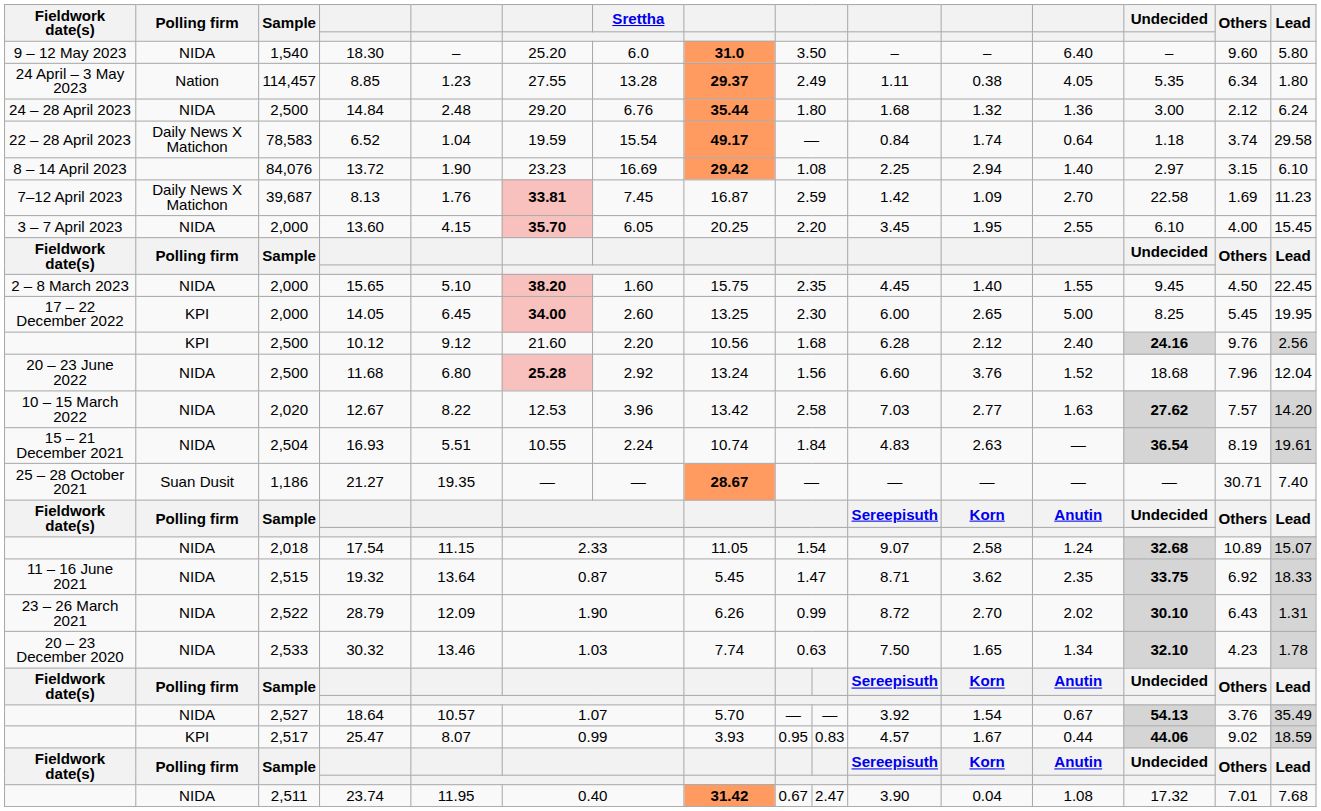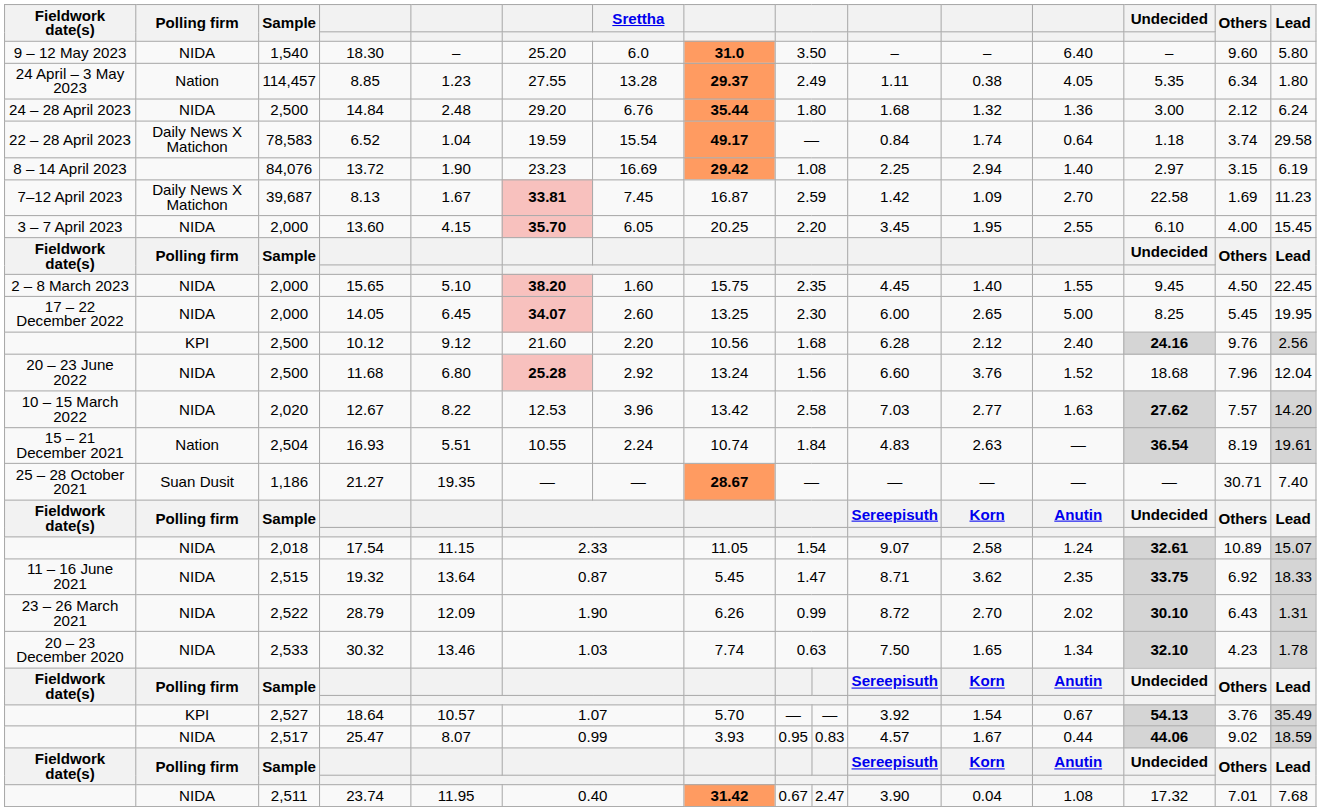 <table class="wikitable" style="text-align:center;font-size:90%;line-height:14px">
 <tr>
 <th rowspan="2">Fieldwork date(s)</th>
 <th rowspan="2">Polling firm</th>
 <th rowspan="2">Sample</th>
 <th></th>
 <th></th>
 <th></th>
 <th><a href='#'>Srettha</a></th>
 <th></th>
 <th colspan="2"></th>
 <th></th>
 <th></th>
 <th></th>
 <th>Undecided</th>
 <th rowspan="2">Others</th>
 <th rowspan="2">Lead</th>
 </tr>
 <tr>
 <th class="unsortable" style="color:inherit;background:"></th>
 <th class="unsortable" style="color:inherit;background:"></th>
 <th colspan="2" class="unsortable" style="color:inherit;background:"></th>
 <th class="unsortable" style="color:inherit;background:"></th>
 <th colspan="2" class="unsortable" style="color:inherit;background:"></th>
 <th class="unsortable" style="color:inherit;background:"></th>
 <th class="unsortable" style="color:inherit;background:"></th>
 <th class="unsortable" style="color:inherit;background:"></th>
 <th class="unsortable" style="color:inherit;background:"></th>
 </tr>
 <tr>
 <td>9 – 12 May 2023</td>
 <td>NIDA</td>
 <td>1,540</td>
 <td>18.30</td>
 <td>–</td>
 <td>25.20</td>
 <td>6.0</td>
 <td style="background:#ff9b61"><strong>31.0</strong></td>
 <td colspan="2">3.50</td>
 <td>–</td>
 <td>–</td>
 <td>6.40</td>
 <td>–</td>
 <td>9.60</td>
 <td style="background:">5.80</td>
 </tr>
 <tr>
 <td>24 April – 3 May 2023</td>
 <td>Nation</td>
 <td>114,457</td>
 <td>8.85</td>
 <td>1.23</td>
 <td>27.55</td>
 <td>13.28</td>
 <td style="background:#ff9b61"><strong>29.37</strong></td>
 <td colspan="2">2.49</td>
 <td>1.11</td>
 <td>0.38</td>
 <td>4.05</td>
 <td>5.35</td>
 <td>6.34</td>
 <td style="background:">1.80</td>
 </tr>
 <tr>
 <td>24 – 28 April 2023</td>
 <td>NIDA</td>
 <td>2,500</td>
 <td>14.84</td>
 <td>2.48</td>
 <td>29.20</td>
 <td>6.76</td>
 <td style="background:#ff9b61"><strong>35.44</strong></td>
 <td colspan="2">1.80</td>
 <td>1.68</td>
 <td>1.32</td>
 <td>1.36</td>
 <td>3.00</td>
 <td>2.12</td>
 <td style="background:">6.24</td>
 </tr>
 <tr>
 <td>22 – 28 April 2023</td>
 <td>Daily News X Matichon</td>
 <td>78,583</td>
 <td>6.52</td>
 <td>1.04</td>
 <td>19.59</td>
 <td>15.54</td>
 <td style="background:#ff9b61"><strong>49.17</strong></td>
 <td colspan=2>—</td>
 <td>0.84</td>
 <td>1.74</td>
 <td>0.64</td>
 <td>1.18</td>
 <td>3.74</td>
 <td style="background:">29.58</td>
 </tr>
 <tr>
 <td>8 – 14 April 2023</td>
 <td></td>
 <td>84,076</td>
 <td>13.72</td>
 <td>1.90</td>
 <td>23.23</td>
 <td>16.69</td>
 <td style="background:#ff9b61"><strong>29.42</strong></td>
 <td colspan="2">1.08</td>
 <td>2.25</td>
 <td>2.94</td>
 <td>1.40</td>
 <td>2.97</td>
 <td>3.15</td>
-<td style="background:">6.10</td>
+<td style="background:">6.19</td>
 </tr>
 <tr>
 <td>7–12 April 2023</td>
 <td>Daily News X Matichon</td>
 <td>39,687</td>
 <td>8.13</td>
-<td>1.76</td>
+<td>1.67</td>
 <td style="background:#F8C1BE"><strong>33.81</strong></td>
 <td>7.45</td>
 <td>16.87</td>
 <td colspan="2">2.59</td>
 <td>1.42</td>
 <td>1.09</td>
 <td>2.70</td>
 <td>22.58</td>
 <td>1.69</td>
 <td style="background:">11.23</td>
 </tr>
 <tr>
 <td>3 – 7 April 2023</td>
 <td>NIDA</td>
 <td>2,000</td>
 <td>13.60</td>
 <td>4.15</td>
 <td style="background:#F8C1BE"><strong>35.70</strong></td>
 <td>6.05</td>
 <td>20.25</td>
 <td colspan="2">2.20</td>
 <td>3.45</td>
 <td>1.95</td>
 <td>2.55</td>
 <td>6.10</td>
 <td>4.00</td>
 <td style="background:">15.45</td>
 </tr>
 <tr>
 <th rowspan="2">Fieldwork date(s)</th>
 <th rowspan="2">Polling firm</th>
 <th rowspan="2">Sample</th>
 <th style="width:80px"></th>
 <th style="width:80px"></th>
 <th style="width:80px"></th>
 <th style="width:80px"></th>
 <th style="width:80px"></th>
 <th colspan="2"></th>
 <th style="width:80px"></th>
 <th style="width:80px"></th>
 <th style="width:80px"></th>
 <th style="width:80px">Undecided</th>
 <th rowspan="2">Others</th>
 <th rowspan="2">Lead</th>
 </tr>
 <tr>
 <th class="unsortable" style="color:inherit;background:"></th>
 <th class="unsortable" style="color:inherit;background:"></th>
 <th colspan="2" class="unsortable" style="color:inherit;background:"></th>
 <th class="unsortable" style="color:inherit;background:"></th>
 <th colspan="2" class="unsortable" style="color:inherit;background:"></th>
 <th class="unsortable" style="color:inherit;background:"></th>
 <th class="unsortable" style="color:inherit;background:"></th>
 <th class="unsortable" style="color:inherit;background:"></th>
 <th class="unsortable" style="color:inherit;background:"></th>
 </tr>
 <tr>
 <td>2 – 8 March 2023</td>
 <td>NIDA</td>
 <td>2,000</td>
 <td>15.65</td>
 <td>5.10</td>
 <td style="background:#F8C1BE"><strong>38.20</strong></td>
 <td>1.60</td>
 <td>15.75</td>
 <td colspan="2">2.35</td>
 <td>4.45</td>
 <td>1.40</td>
 <td>1.55</td>
 <td>9.45</td>
 <td>4.50</td>
 <td style="background:">22.45</td>
 </tr>
 <tr>
 <td>17 – 22 December 2022</td>
-<td>KPI</td>
+<td>NIDA</td>
 <td>2,000</td>
 <td>14.05</td>
 <td>6.45</td>
-<td style="background:#F8C1BE"><strong>34.00</strong></td>
+<td style="background:#F8C1BE"><strong>34.07</strong></td>
 <td>2.60</td>
 <td>13.25</td>
 <td colspan="2">2.30</td>
 <td>6.00</td>
 <td>2.65</td>
 <td>5.00</td>
 <td>8.25</td>
 <td>5.45</td>
 <td style="background:">19.95</td>
 </tr>
 <tr>
 <td></td>
 <td>KPI</td>
 <td>2,500</td>
 <td>10.12</td>
 <td>9.12</td>
 <td>21.60</td>
 <td>2.20</td>
 <td>10.56</td>
 <td colspan="2">1.68</td>
 <td>6.28</td>
 <td>2.12</td>
 <td>2.40</td>
 <td style="background:#D5D5D5; color:black;"><strong>24.16</strong></td>
 <td>9.76</td>
 <td style="background:#D5D5D5; color:black;">2.56</td>
 </tr>
 <tr>
 <td>20 – 23 June 2022</td>
 <td>NIDA</td>
 <td>2,500</td>
 <td>11.68</td>
 <td>6.80</td>
 <td style="background:#F8C1BE"><strong>25.28</strong></td>
 <td>2.92</td>
 <td>13.24</td>
 <td colspan="2">1.56</td>
 <td>6.60</td>
 <td>3.76</td>
 <td>1.52</td>
 <td>18.68</td>
 <td>7.96</td>
 <td style="background:">12.04</td>
 </tr>
 <tr>
 <td>10 – 15 March 2022</td>
 <td>NIDA</td>
 <td>2,020</td>
 <td>12.67</td>
 <td>8.22</td>
 <td>12.53</td>
 <td>3.96</td>
 <td>13.42</td>
 <td colspan="2">2.58</td>
 <td>7.03</td>
 <td>2.77</td>
 <td>1.63</td>
 <td style="background:#D5D5D5; color:black;"><strong>27.62</strong></td>
 <td>7.57</td>
 <td style="background:#D5D5D5; color:black;">14.20</td>
 </tr>
 <tr>
 <td>15 – 21 December 2021</td>
-<td>NIDA</td>
+<td>Nation</td>
 <td>2,504</td>
 <td>16.93</td>
 <td>5.51</td>
 <td>10.55</td>
 <td>2.24</td>
 <td>10.74</td>
 <td colspan="2">1.84</td>
 <td>4.83</td>
 <td>2.63</td>
 <td>—</td>
 <td style="background:#D5D5D5; color:black;"><strong>36.54</strong></td>
 <td>8.19</td>
 <td style="background:#D5D5D5; color:black;">19.61</td>
 </tr>
 <tr>
 <td>25 – 28 October 2021</td>
 <td>Suan Dusit</td>
 <td>1,186</td>
 <td>21.27</td>
 <td>19.35</td>
 <td>—</td>
 <td>—</td>
 <td style="background:#ff9b61"><strong>28.67</strong></td>
 <td colspan="2">—</td>
 <td>—</td>
 <td>—</td>
 <td>—</td>
 <td>—</td>
 <td>30.71</td>
 <td style="background:">7.40</td>
 </tr>
 <tr>
 <th rowspan="2">Fieldwork date(s)</th>
 <th rowspan="2">Polling firm</th>
 <th rowspan="2">Sample</th>
 <th style="width:60px"></th>
 <th style="width:60px"></th>
 <th colspan="2"></th>
 <th style="width:60px"></th>
 <th colspan="2"></th>
 <th style="width:60px"><a href='#'>Sereepisuth</a></th>
 <th style="width:60px"><a href='#'>Korn</a></th>
 <th style="width:60px"><a href='#'>Anutin</a></th>
 <th style="width:80px">Undecided</th>
 <th rowspan="2">Others</th>
 <th rowspan="2">Lead</th>
 </tr>
 <tr>
 <th class="unsortable" style="color:inherit;background:"></th>
 <th class="unsortable" style="color:inherit;background:"></th>
 <th colspan="2" class="unsortable" style="color:inherit;background:"></th>
 <th class="unsortable" style="color:inherit;background:"></th>
 <th colspan="2" class="unsortable" style="color:inherit;background:"></th>
 <th class="unsortable" style="color:inherit;background:"></th>
 <th class="unsortable" style="color:inherit;background:"></th>
 <th class="unsortable" style="color:inherit;background:"></th>
 <th class="unsortable" style="color:inherit;background:"></th>
 </tr>
 <tr>
 <td></td>
 <td>NIDA</td>
 <td>2,018</td>
 <td>17.54</td>
 <td>11.15</td>
 <td colspan="2">2.33</td>
 <td>11.05</td>
 <td colspan="2">1.54</td>
 <td>9.07</td>
 <td>2.58</td>
 <td>1.24</td>
-<td style="background:#D5D5D5; color:black;"><strong>32.68</strong></td>
+<td style="background:#D5D5D5; color:black;"><strong>32.61</strong></td>
 <td>10.89</td>
 <td style="background:#D5D5D5; color:black;">15.07</td>
 </tr>
 <tr>
 <td>11 – 16 June 2021</td>
 <td>NIDA</td>
 <td>2,515</td>
 <td>19.32</td>
 <td>13.64</td>
 <td colspan="2">0.87</td>
 <td>5.45</td>
 <td colspan="2">1.47</td>
 <td>8.71</td>
 <td>3.62</td>
 <td>2.35</td>
 <td style="background:#D5D5D5; color:black;"><strong>33.75</strong></td>
 <td>6.92</td>
 <td style="background:#D5D5D5; color:black;">18.33</td>
 </tr>
 <tr>
 <td>23 – 26 March 2021</td>
 <td>NIDA</td>
 <td>2,522</td>
 <td>28.79</td>
 <td>12.09</td>
 <td colspan="2">1.90</td>
 <td>6.26</td>
 <td colspan="2">0.99</td>
 <td>8.72</td>
 <td>2.70</td>
 <td>2.02</td>
 <td style="background:#D5D5D5; color:black;"><strong>30.10</strong></td>
 <td>6.43</td>
 <td style="background:#D5D5D5; color:black;">1.31</td>
 </tr>
 <tr>
 <td>20 – 23 December 2020</td>
 <td>NIDA</td>
 <td>2,533</td>
 <td>30.32</td>
 <td>13.46</td>
 <td colspan="2">1.03</td>
 <td>7.74</td>
 <td colspan="2">0.63</td>
 <td>7.50</td>
 <td>1.65</td>
 <td>1.34</td>
 <td style="background:#D5D5D5; color:black;"><strong>32.10</strong></td>
 <td>4.23</td>
 <td style="background:#D5D5D5; color:black;">1.78</td>
 </tr>
 <tr>
 <th rowspan="2">Fieldwork date(s)</th>
 <th rowspan="2">Polling firm</th>
 <th rowspan="2">Sample</th>
 <th style="width:60px"></th>
 <th style="width:60px"></th>
 <th colspan="2"></th>
 <th style="width:60px"></th>
 <th></th>
 <th></th>
 <th style="width:60px"><a href='#'>Sereepisuth</a></th>
 <th style="width:60px"><a href='#'>Korn</a></th>
 <th style="width:60px"><a href='#'>Anutin</a></th>
 <th style="width:80px">Undecided</th>
 <th rowspan="2">Others</th>
 <th rowspan="2">Lead</th>
 </tr>
 <tr>
 <th class="unsortable" style="color:inherit;background:"></th>
 <th colspan="3" class="unsortable" style="color:inherit;background:"></th>
 <th class="unsortable" style="color:inherit;background:"></th>
 <th colspan="2" class="unsortable" style="color:inherit;background:"></th>
 <th class="unsortable" style="color:inherit;background:"></th>
 <th class="unsortable" style="color:inherit;background:"></th>
 <th class="unsortable" style="color:inherit;background:"></th>
 <th class="unsortable" style="color:inherit;background:"></th>
 </tr>
 <tr>
 <td></td>
-<td>NIDA</td>
+<td>KPI</td>
 <td>2,527</td>
 <td>18.64</td>
 <td>10.57</td>
 <td colspan="2">1.07</td>
 <td>5.70</td>
 <td>—</td>
 <td>—</td>
 <td>3.92</td>
 <td>1.54</td>
 <td>0.67</td>
 <td style="background:#D5D5D5; color:black;"><strong>54.13</strong></td>
 <td>3.76</td>
 <td style="background:#D5D5D5; color:black;">35.49</td>
 </tr>
 <tr>
 <td></td>
-<td>KPI</td>
+<td>NIDA</td>
 <td>2,517</td>
 <td>25.47</td>
 <td>8.07</td>
 <td colspan="2">0.99</td>
 <td>3.93</td>
 <td>0.95</td>
 <td>0.83</td>
 <td>4.57</td>
 <td>1.67</td>
 <td>0.44</td>
 <td style="background:#D5D5D5"><strong>44.06</strong></td>
 <td>9.02</td>
 <td style="background:#D5D5D5; color:black;">18.59</td>
 </tr>
 <tr>
 <th rowspan="2">Fieldwork date(s)</th>
 <th rowspan="2">Polling firm</th>
 <th rowspan="2">Sample</th>
 <th style="width:60px"></th>
 <th style="width:60px"></th>
 <th colspan="2"></th>
 <th style="width:60px"></th>
 <th></th>
 <th></th>
 <th style="width:60px"><a href='#'>Sereepisuth</a></th>
 <th style="width:60px"><a href='#'>Korn</a></th>
 <th style="width:60px"><a href='#'>Anutin</a></th>
 <th style="width:80px">Undecided</th>
 <th rowspan="2">Others</th>
 <th rowspan="2">Lead</th>
 </tr>
 <tr>
 <th class="unsortable" style="color:inherit;background:"></th>
 <th colspan="3" class="unsortable" style="color:inherit;background:"></th>
 <th class="unsortable" style="color:inherit;background:"></th>
 <th colspan="2" class="unsortable" style="color:inherit;background:"></th>
 <th class="unsortable" style="color:inherit;background:"></th>
 <th class="unsortable" style="color:inherit;background:"></th>
 <th class="unsortable" style="color:inherit;background:"></th>
 <th class="unsortable" style="color:inherit;background:"></th>
 </tr>
 <tr>
 <td></td>
 <td>NIDA</td>
 <td>2,511</td>
 <td>23.74</td>
 <td>11.95</td>
 <td colspan="2">0.40</td>
 <td style="background:#ff9b61"><strong>31.42</strong></td>
 <td>0.67</td>
 <td>2.47</td>
 <td>3.90</td>
 <td>0.04</td>
 <td>1.08</td>
 <td>17.32</td>
 <td>7.01</td>
 <td style="background:">7.68</td>
 </tr>
 <tr>
 </tr>
 </table>
